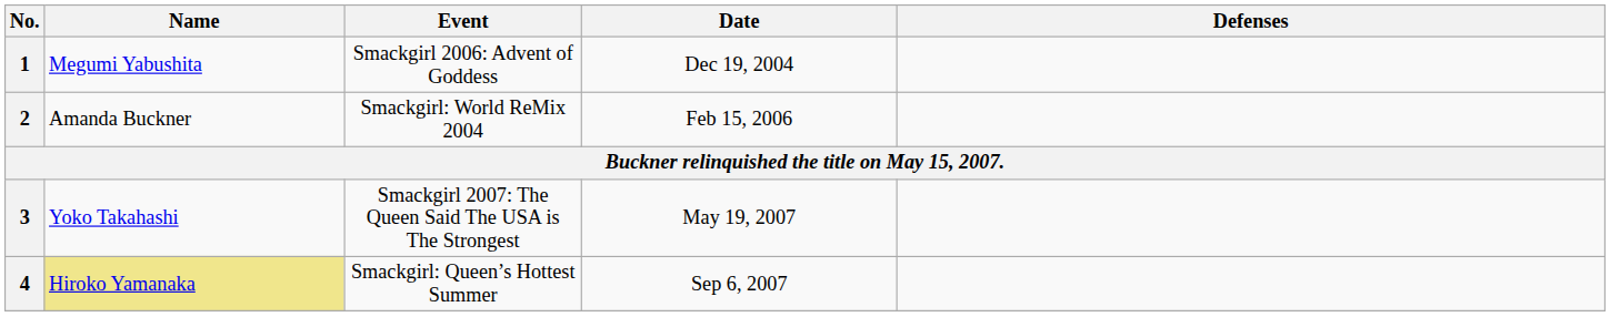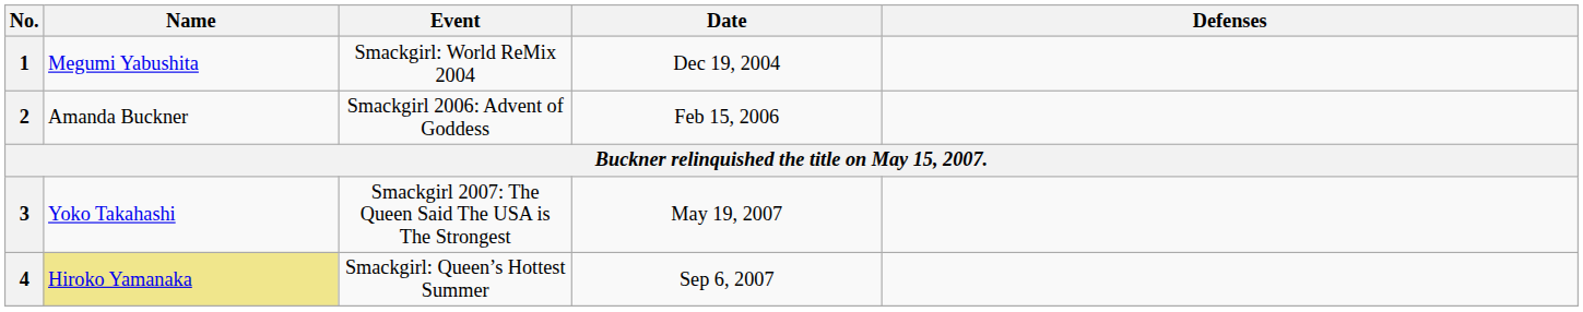 <table class="wikitable" width=100%>
 <tr>
 <th width=1%>No.</th>
 <th width=19%>Name</th>
 <th width=15%>Event</th>
 <th width=20%>Date</th>
 <th width=45%>Defenses</th>
 </tr>
 <tr>
 <th>1</th>
 <td> <a href='#'>Megumi Yabushita</a> <br></td>
-<td align=center>Smackgirl 2006: Advent of Goddess <br></td>
+<td align=center>Smackgirl: World ReMix 2004 <br></td>
 <td align=center>Dec 19, 2004</td>
 <td></td>
 </tr>
 <tr>
 <th>2</th>
 <td> Amanda Buckner</td>
-<td align=center>Smackgirl: World ReMix 2004 <br></td>
+<td align=center>Smackgirl 2006: Advent of Goddess <br></td>
 <td align=center>Feb 15, 2006</td>
 <td></td>
 </tr>
 <tr>
 <th colspan=6 align=center><em>Buckner relinquished the title on May 15, 2007.</em></th>
 </tr>
 <tr>
 <th>3</th>
 <td> <a href='#'>Yoko Takahashi</a> <br></td>
 <td align=center>Smackgirl 2007: The Queen Said The USA is The Strongest <br></td>
 <td align=center>May 19, 2007</td>
 <td></td>
 </tr>
 <tr>
 <th>4</th>
 <td style="background: khaki;"> <a href='#'>Hiroko Yamanaka</a></td>
 <td align=center>Smackgirl: Queen’s Hottest Summer <br></td>
 <td align=center>Sep 6, 2007</td>
 <td></td>
 </tr>
 <tr>
 </tr>
 </table>
